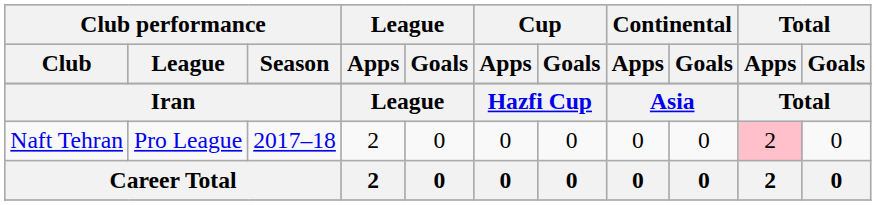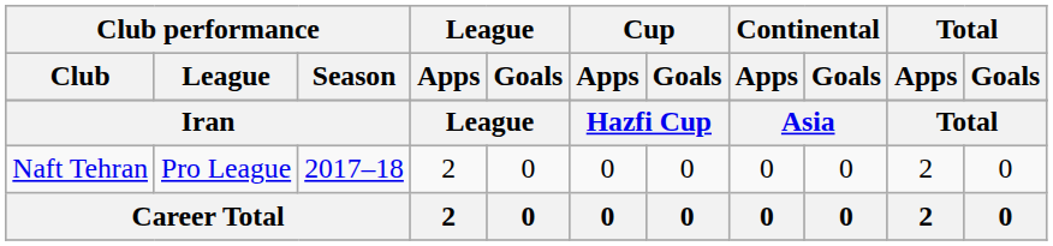 <table class="wikitable" style="font-size:90%; text-align:center;">
 <tr>
 <th colspan=3>Club performance</th>
 <th colspan=2>League</th>
 <th colspan=2>Cup</th>
 <th colspan=2>Continental</th>
 <th colspan=2>Total</th>
 </tr>
 <tr>
 <th>Club</th>
 <th>League</th>
 <th>Season</th>
 <th>Apps</th>
 <th>Goals</th>
 <th>Apps</th>
 <th>Goals</th>
 <th>Apps</th>
 <th>Goals</th>
 <th>Apps</th>
 <th>Goals</th>
 </tr>
 <tr>
 </tr>
 <tr>
 <th colspan=3>Iran</th>
 <th colspan=2>League</th>
 <th colspan=2><a href='#'>Hazfi Cup</a></th>
 <th colspan=2><a href='#'>Asia</a></th>
 <th colspan=2>Total</th>
 </tr>
 <tr>
 <td rowspan="1"><a href='#'>Naft Tehran</a></td>
 <td rowspan="1"><a href='#'>Pro League</a></td>
 <td><a href='#'>2017–18</a></td>
 <td>2</td>
 <td>0</td>
 <td>0</td>
 <td>0</td>
 <td>0</td>
 <td>0</td>
-<td style="background: pink;">2</td>
+<td>2</td>
 <td>0</td>
 </tr>
 <tr>
 <th colspan=3>Career Total</th>
 <th>2</th>
 <th>0</th>
 <th>0</th>
 <th>0</th>
 <th>0</th>
 <th>0</th>
 <th>2</th>
 <th>0</th>
 </tr>
 </table>
